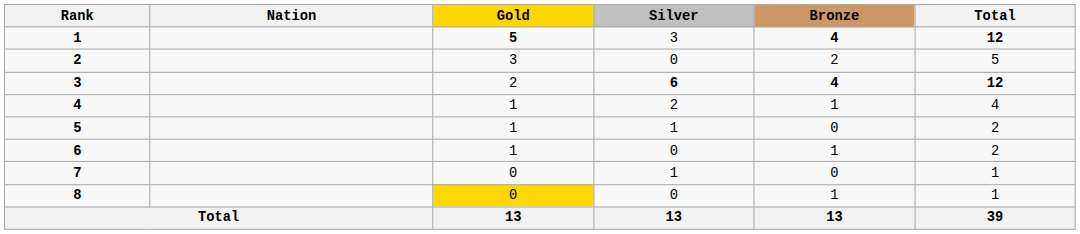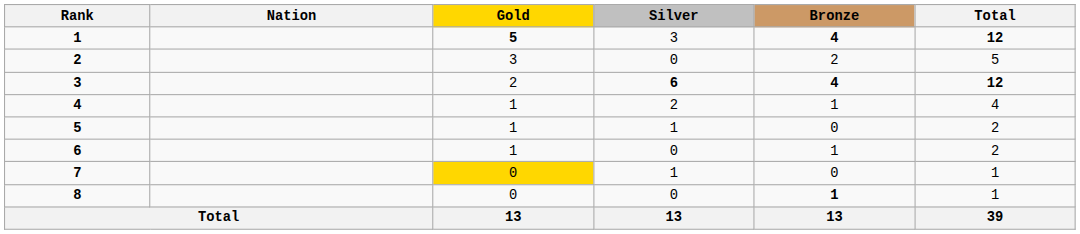 <table class="wikitable collapsible autocollapse plainrowheaders" width=80% style="text-align:center;">
 <tr style="background-color:#EDEDED;">
 <th width=100px class="hintergrundfarbe5">Rank</th>
 <th width=200px class="hintergrundfarbe6">Nation</th>
 <th style="background:    gold; width:15%">Gold</th>
 <th style="background:  silver; width:15%">Silver</th>
 <th style="background: #CC9966; width:15%">Bronze</th>
 <th class="hintergrundfarbe6" style="width:15%">Total</th>
 </tr>
 <tr>
 <td><strong>1</strong></td>
 <td align=left><em></em></td>
 <td><strong>5</strong></td>
 <td>3</td>
 <td><strong>4</strong></td>
 <td><strong>12</strong></td>
 </tr>
 <tr>
 <td><strong>2</strong></td>
 <td align=left></td>
 <td>3</td>
 <td>0</td>
 <td>2</td>
 <td>5</td>
 </tr>
 <tr>
 <td><strong>3</strong></td>
 <td align=left></td>
 <td>2</td>
 <td><strong>6</strong></td>
 <td><strong>4</strong></td>
 <td><strong>12</strong></td>
 </tr>
 <tr>
 <td><strong>4</strong></td>
 <td align=left></td>
 <td>1</td>
 <td>2</td>
 <td>1</td>
 <td>4</td>
 </tr>
 <tr>
 <td><strong>5</strong></td>
 <td align=left></td>
 <td>1</td>
 <td>1</td>
 <td>0</td>
 <td>2</td>
 </tr>
 <tr>
 <td><strong>6</strong></td>
 <td align=left></td>
 <td>1</td>
 <td>0</td>
 <td>1</td>
 <td>2</td>
 </tr>
 <tr>
 <td><strong>7</strong></td>
 <td align=left></td>
-<td>0</td>
+<td style="background: gold;">0</td>
 <td>1</td>
 <td>0</td>
 <td>1</td>
 </tr>
 <tr>
 <td><strong>8</strong></td>
 <td align=left></td>
-<td style="background: gold;">0</td>
 <td>0</td>
-<td>1</td>
+<td>0</td>
+<td><strong>1</strong></td>
 <td>1</td>
 </tr>
 <tr>
 <th colspan=2>Total</th>
 <th>13</th>
 <th>13</th>
 <th>13</th>
 <th>39</th>
 </tr>
 </table>
